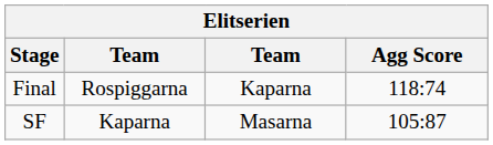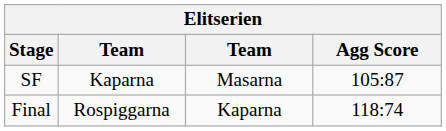 <table class="wikitable">
 <tr>
 <th colspan="4">Elitserien</th>
 </tr>
 <tr>
 <th width=20>Stage</th>
 <th width=100>Team</th>
 <th width=100>Team</th>
 <th width=100>Agg Score</th>
 </tr>
 <tr align=center>
+<td>SF</td>
+<td>Kaparna</td>
+<td>Masarna</td>
+<td>105:87</td>
+</tr>
+<tr align=center>
 <td>Final</td>
 <td>Rospiggarna</td>
 <td>Kaparna</td>
 <td>118:74</td>
 </tr>
-<tr align=center>
-<td>SF</td>
-<td>Kaparna</td>
-<td>Masarna</td>
-<td>105:87</td>
-</tr>
 </table>
